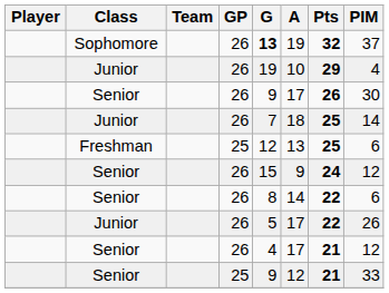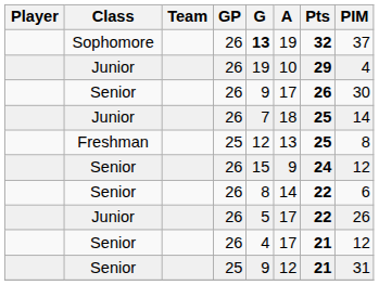 <table class="wikitable sortable" style="text-align: center; "width=60%">
 <tr>
 <th>Player</th>
 <th>Class</th>
 <th>Team</th>
 <th>GP</th>
 <th>G</th>
 <th>A</th>
 <th>Pts</th>
 <th>PIM</th>
 </tr>
 <tr>
 <td align=left></td>
 <td>Sophomore</td>
 <td><strong><a href='#'></a></strong></td>
 <td align=right>26</td>
 <td align=right><strong>13</strong></td>
 <td align=right>19</td>
 <td align=right><strong>32</strong></td>
 <td align=right>37</td>
 </tr>
 <tr bgcolor=f0f0f0>
 <td align=left></td>
 <td>Junior</td>
 <td><strong><a href='#'></a></strong></td>
 <td align=right>26</td>
 <td align=right>19</td>
 <td align=right>10</td>
 <td align=right><strong>29</strong></td>
 <td align=right>4</td>
 </tr>
 <tr>
 <td align=left></td>
 <td>Senior</td>
 <td><strong><a href='#'></a></strong></td>
 <td align=right>26</td>
 <td align=right>9</td>
 <td align=right>17</td>
 <td align=right><strong>26</strong></td>
 <td align=right>30</td>
 </tr>
 <tr bgcolor=f0f0f0>
 <td align=left></td>
 <td>Junior</td>
 <td><strong><a href='#'></a></strong></td>
 <td align=right>26</td>
 <td align=right>7</td>
 <td align=right>18</td>
 <td align=right><strong>25</strong></td>
 <td align=right>14</td>
 </tr>
 <tr>
 <td align=left></td>
 <td>Freshman</td>
 <td><strong><a href='#'></a></strong></td>
 <td align=right>25</td>
 <td align=right>12</td>
 <td align=right>13</td>
 <td align=right><strong>25</strong></td>
-<td align=right>6</td>
+<td align=right>8</td>
 </tr>
 <tr bgcolor=f0f0f0>
 <td align=left></td>
 <td>Senior</td>
 <td><strong><a href='#'></a></strong></td>
 <td align=right>26</td>
 <td align=right>15</td>
 <td align=right>9</td>
 <td align=right><strong>24</strong></td>
 <td align=right>12</td>
 </tr>
 <tr>
 <td align=left></td>
 <td>Senior</td>
 <td><strong><a href='#'></a></strong></td>
 <td align=right>26</td>
 <td align=right>8</td>
 <td align=right>14</td>
 <td align=right><strong>22</strong></td>
 <td align=right>6</td>
 </tr>
 <tr bgcolor=f0f0f0>
 <td align=left></td>
 <td>Junior</td>
 <td><strong><a href='#'></a></strong></td>
 <td align=right>26</td>
 <td align=right>5</td>
 <td align=right>17</td>
 <td align=right><strong>22</strong></td>
 <td align=right>26</td>
 </tr>
 <tr>
 <td align=left></td>
 <td>Senior</td>
 <td><strong><a href='#'></a></strong></td>
 <td align=right>26</td>
 <td align=right>4</td>
 <td align=right>17</td>
 <td align=right><strong>21</strong></td>
 <td align=right>12</td>
 </tr>
 <tr bgcolor=f0f0f0>
 <td align=left></td>
 <td>Senior</td>
 <td><strong><a href='#'></a></strong></td>
 <td align=right>25</td>
 <td align=right>9</td>
 <td align=right>12</td>
 <td align=right><strong>21</strong></td>
-<td align=right>33</td>
+<td align=right>31</td>
 </tr>
 <tr>
 </tr>
 </table>
